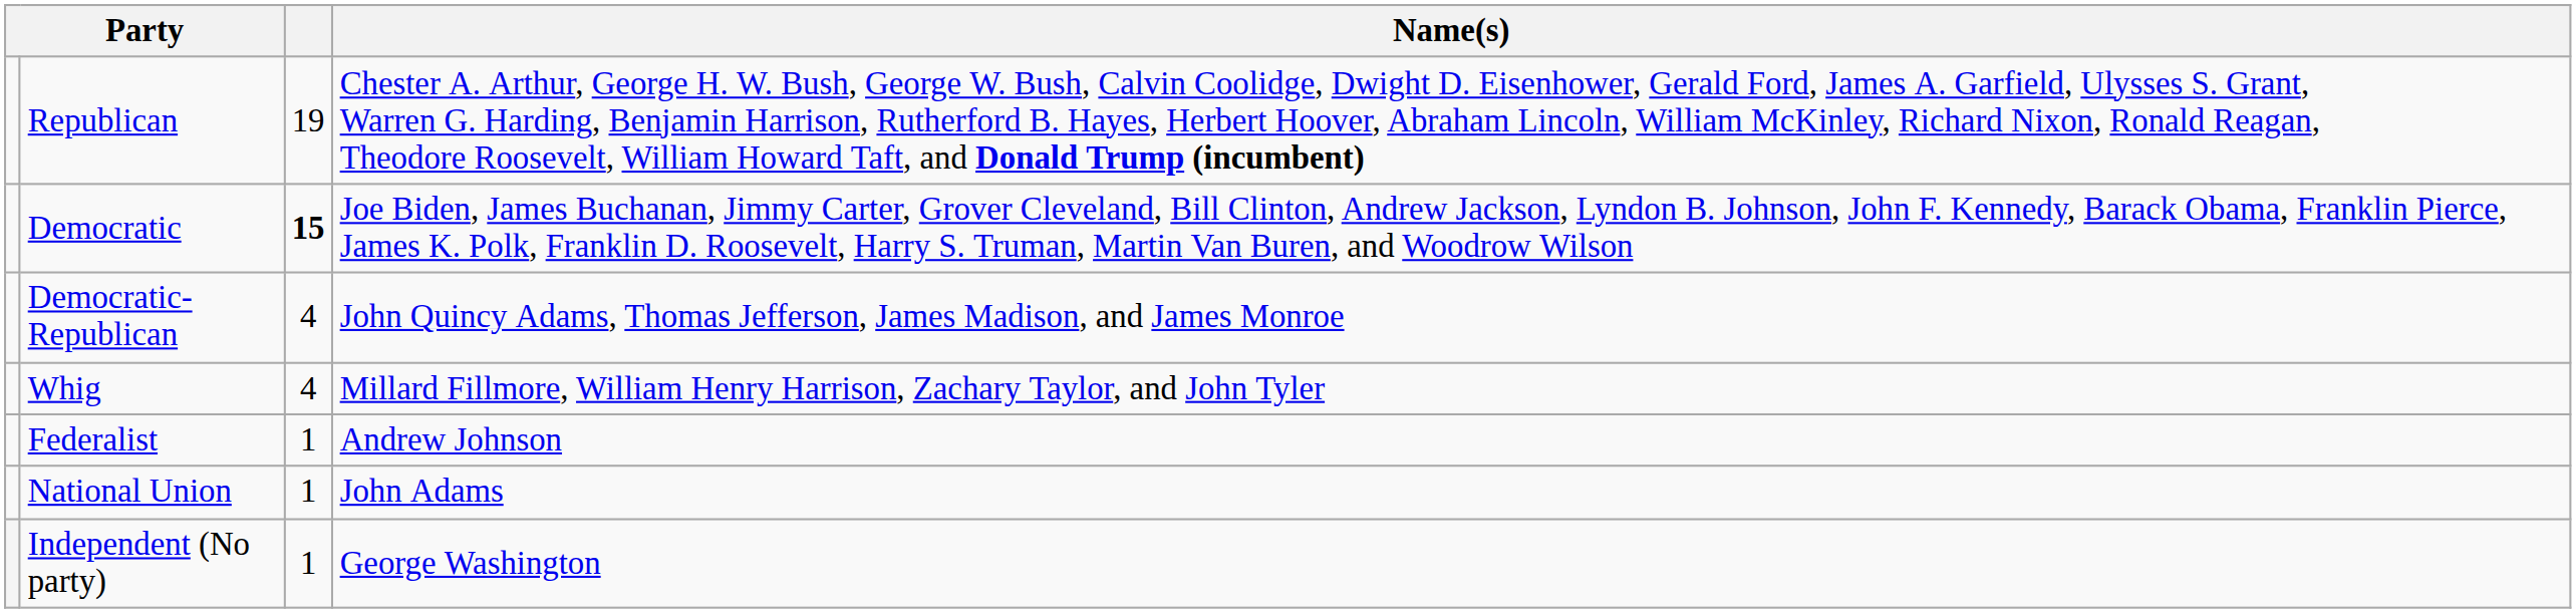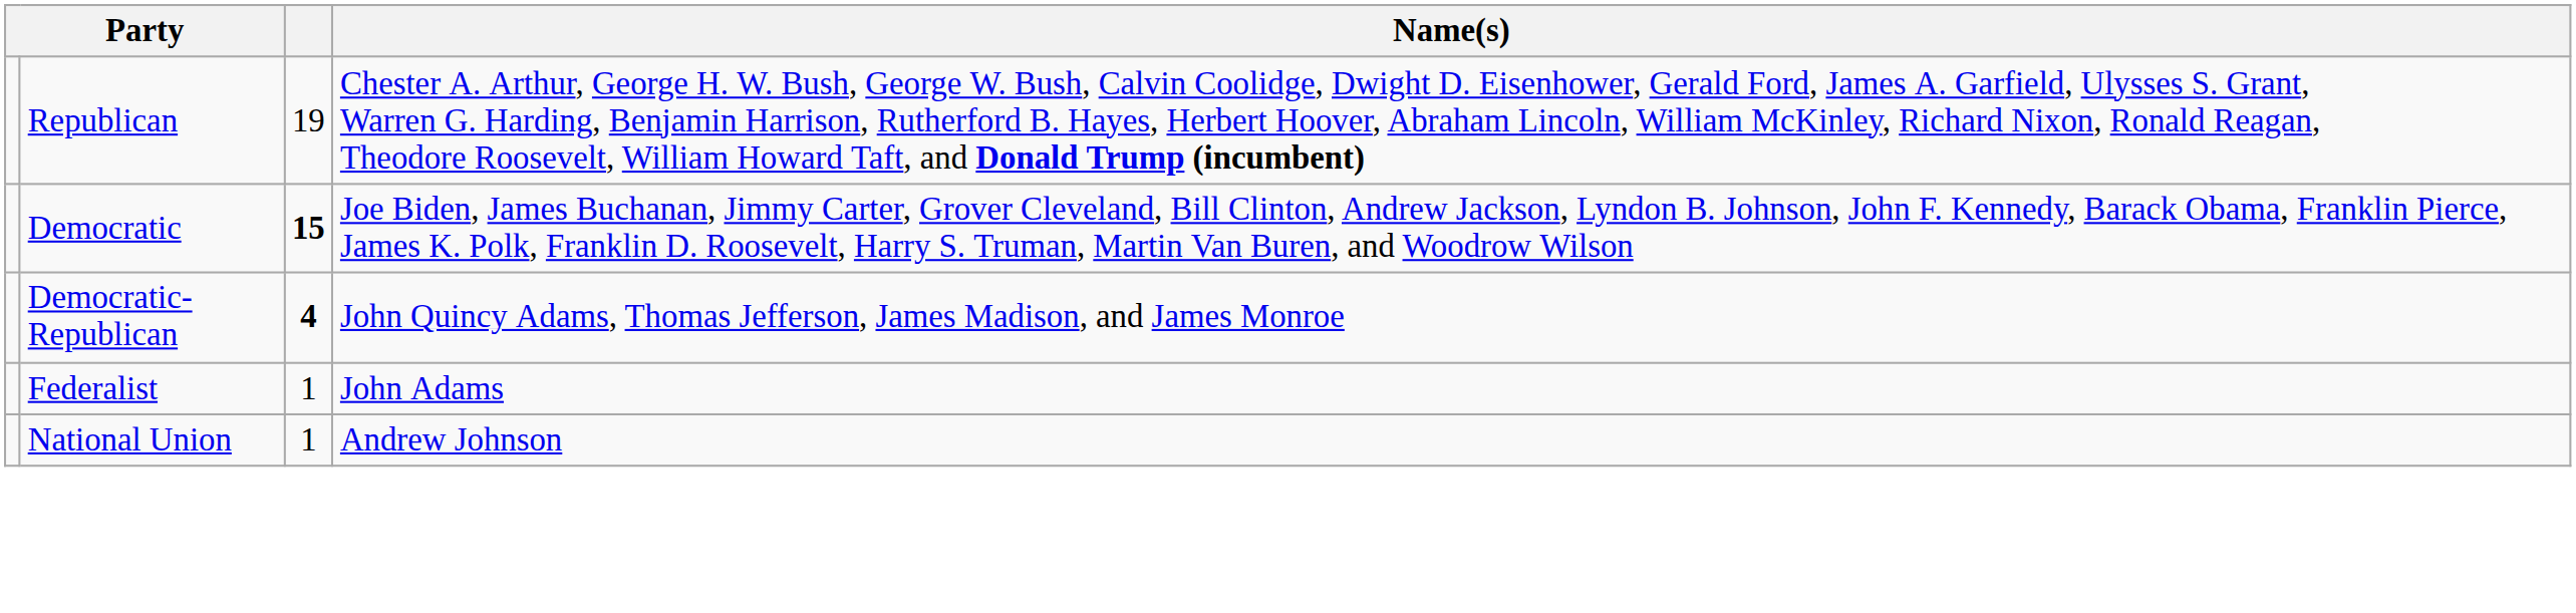 <table class=wikitable>
 <tr>
 <th colspan=2>Party</th>
 <th></th>
 <th>Name(s)</th>
 </tr>
 <tr>
 <td style="background-color:"></td>
 <td><a href='#'>Republican</a></td>
 <td style="text-align: center;">19</td>
 <td><a href='#'>Chester&nbsp;A.&nbsp;Arthur</a>, <a href='#'>George&nbsp;H.&nbsp;W.&nbsp;Bush</a>, <a href='#'>George&nbsp;W.&nbsp;Bush</a>, <a href='#'>Calvin&nbsp;Coolidge</a>, <a href='#'>Dwight&nbsp;D.&nbsp;Eisenhower</a>, <a href='#'>Gerald&nbsp;Ford</a>, <a href='#'>James&nbsp;A.&nbsp;Garfield</a>, <a href='#'>Ulysses&nbsp;S.&nbsp;Grant</a>, <a href='#'>Warren&nbsp;G.&nbsp;Harding</a>, <a href='#'>Benjamin&nbsp;Harrison</a>, <a href='#'>Rutherford&nbsp;B.&nbsp;Hayes</a>, <a href='#'>Herbert&nbsp;Hoover</a>, <a href='#'>Abraham&nbsp;Lincoln</a>, <a href='#'>William&nbsp;McKinley</a>, <a href='#'>Richard&nbsp;Nixon</a>, <a href='#'>Ronald&nbsp;Reagan</a>, <a href='#'>Theodore&nbsp;Roosevelt</a>, <a href='#'>William&nbsp;Howard&nbsp;Taft</a>, and <strong><a href='#'>Donald&nbsp;Trump</a> (incumbent)</strong></td>
 </tr>
 <tr>
 <td style="background: "></td>
 <td><a href='#'>Democratic</a></td>
 <td style="text-align: center;"><strong>15</strong></td>
 <td><a href='#'>Joe Biden</a>, <a href='#'>James&nbsp;Buchanan</a>, <a href='#'>Jimmy&nbsp;Carter</a>, <a href='#'>Grover&nbsp;Cleveland</a>, <a href='#'>Bill&nbsp;Clinton</a>, <a href='#'>Andrew&nbsp;Jackson</a>, <a href='#'>Lyndon&nbsp;B.&nbsp;Johnson</a>, <a href='#'>John&nbsp;F.&nbsp;Kennedy</a>, <a href='#'>Barack Obama</a>, <a href='#'>Franklin&nbsp;Pierce</a>, <a href='#'>James&nbsp;K.&nbsp;Polk</a>, <a href='#'>Franklin&nbsp;D.&nbsp;Roosevelt</a>, <a href='#'>Harry&nbsp;S.&nbsp;Truman</a>, <a href='#'>Martin&nbsp;Van&nbsp;Buren</a>, and <a href='#'>Woodrow&nbsp;Wilson</a></td>
 </tr>
 <tr>
 <td style="background-color:"></td>
 <td><a href='#'>Democratic-Republican</a></td>
-<td style="text-align: center;">4</td>
+<td style="text-align: center;"><strong>4</strong></td>
 <td><a href='#'>John&nbsp;Quincy&nbsp;Adams</a>, <a href='#'>Thomas&nbsp;Jefferson</a>, <a href='#'>James&nbsp;Madison</a>, and <a href='#'>James&nbsp;Monroe</a></td>
-</tr>
-<tr>
-<td style="background-color:"></td>
-<td><a href='#'>Whig</a></td>
-<td style="text-align: center;">4</td>
-<td><a href='#'>Millard&nbsp;Fillmore</a>, <a href='#'>William&nbsp;Henry&nbsp;Harrison</a>, <a href='#'>Zachary&nbsp;Taylor</a>, and <a href='#'>John&nbsp;Tyler</a></td>
 </tr>
 <tr>
 <td style="background-color:"></td>
 <td><a href='#'>Federalist</a></td>
 <td style="text-align: center;">1</td>
-<td><a href='#'>Andrew&nbsp;Johnson</a></td>
+<td><a href='#'>John&nbsp;Adams</a></td>
 </tr>
 <tr>
 <td style="background-color:"></td>
 <td nowrap><a href='#'>National Union</a></td>
 <td style="text-align: center;">1</td>
-<td><a href='#'>John&nbsp;Adams</a></td>
-</tr>
-<tr>
-<td style="background:#f5f5f5"></td>
-<td><a href='#'>Independent</a> (No party)</td>
-<td style="text-align: center;">1</td>
-<td><a href='#'>George&nbsp;Washington</a></td>
+<td><a href='#'>Andrew&nbsp;Johnson</a></td>
 </tr>
 </table>
